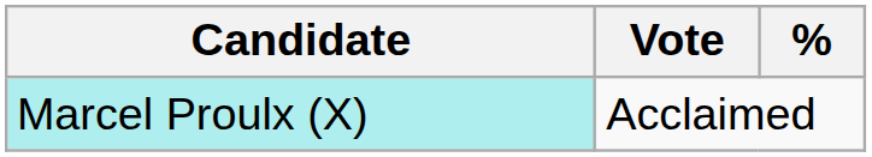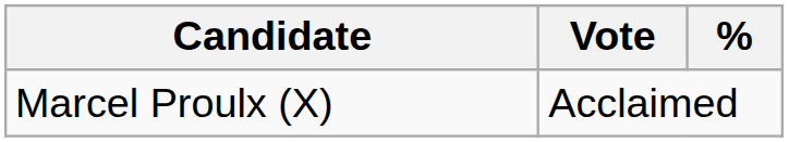 <table class="wikitable">
 <tr>
 <th bgcolor="#DDDDFF" width="200px">Candidate</th>
 <th bgcolor="#DDDDFF" width="50px">Vote</th>
 <th bgcolor="#DDDDFF" width="30px">%</th>
 </tr>
 <tr>
-<td style="background: paleturquoise;">Marcel Proulx (X)</td>
+<td>Marcel Proulx (X)</td>
 <td colspan="2">Acclaimed</td>
 </tr>
 </table>
